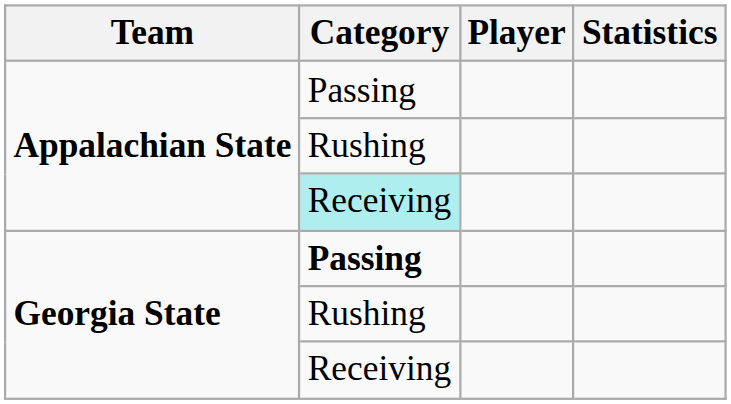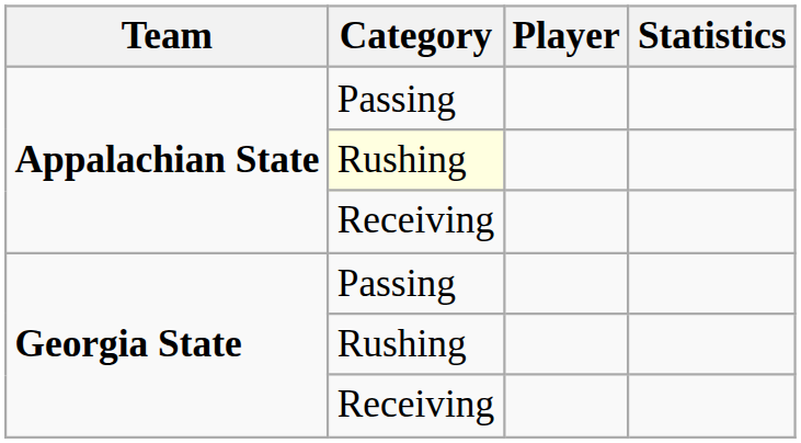 <table class="wikitable" style="float: right;">
 <tr>
 <th>Team</th>
 <th>Category</th>
 <th>Player</th>
 <th>Statistics</th>
 </tr>
 <tr>
 <td rowspan=3><strong>Appalachian State</strong></td>
 <td>Passing</td>
 <td></td>
 <td></td>
 </tr>
 <tr>
-<td>Rushing</td>
+<td style="background: lightyellow;">Rushing</td>
 <td></td>
 <td></td>
 </tr>
 <tr>
-<td style="background: paleturquoise;">Receiving</td>
+<td>Receiving</td>
 <td></td>
 <td></td>
 </tr>
 <tr>
 <td rowspan=3><strong>Georgia State</strong></td>
-<td><strong>Passing</strong></td>
+<td>Passing</td>
 <td></td>
 <td></td>
 </tr>
 <tr>
 <td>Rushing</td>
 <td></td>
 <td></td>
 </tr>
 <tr>
 <td>Receiving</td>
 <td></td>
 <td></td>
 </tr>
 </table>
